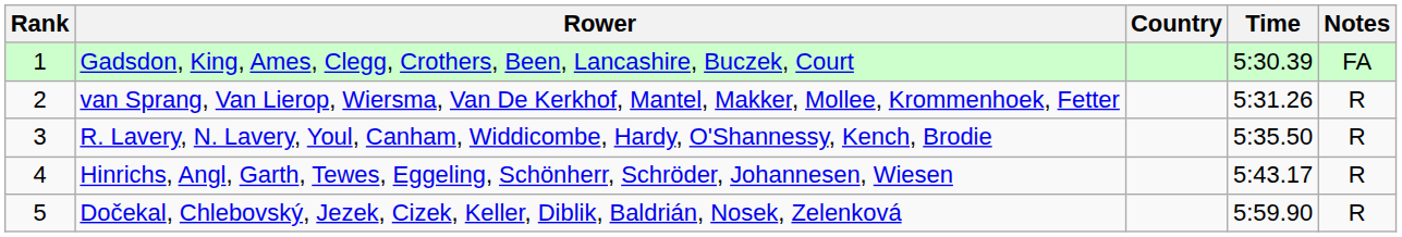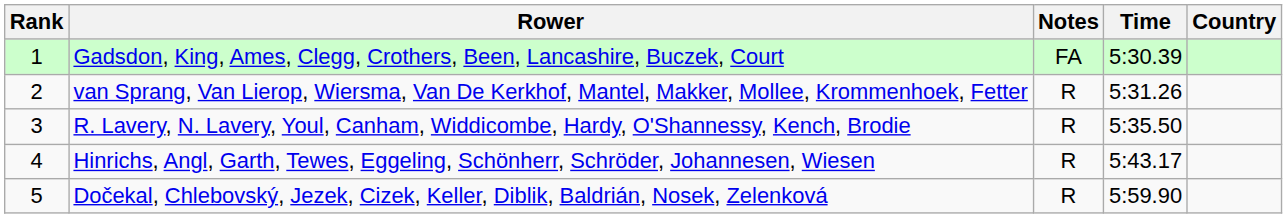 <table class="wikitable" style="text-align:center">
 <tr>
 <th>Rank</th>
 <th>Rower</th>
+<th>Notes</th>
+<th>Time</th>
 <th>Country</th>
-<th>Time</th>
-<th>Notes</th>
 </tr>
 <tr bgcolor=ccffcc>
 <td>1</td>
 <td align="left"><a href='#'>Gadsdon</a>, <a href='#'>King</a>, <a href='#'>Ames</a>, <a href='#'>Clegg</a>, <a href='#'>Crothers</a>, <a href='#'>Been</a>, <a href='#'>Lancashire</a>, <a href='#'>Buczek</a>, <a href='#'>Court</a></td>
+<td>FA</td>
+<td>5:30.39</td>
 <td align="left"></td>
-<td>5:30.39</td>
-<td>FA</td>
 </tr>
 <tr>
 <td>2</td>
 <td align="left"><a href='#'>van Sprang</a>, <a href='#'>Van Lierop</a>, <a href='#'>Wiersma</a>, <a href='#'>Van De Kerkhof</a>, <a href='#'>Mantel</a>, <a href='#'>Makker</a>, <a href='#'>Mollee</a>, <a href='#'>Krommenhoek</a>, <a href='#'>Fetter</a></td>
+<td>R</td>
+<td>5:31.26</td>
 <td align="left"></td>
-<td>5:31.26</td>
-<td>R</td>
 </tr>
 <tr>
 <td>3</td>
 <td align="left"><a href='#'>R. Lavery</a>, <a href='#'>N. Lavery</a>, <a href='#'>Youl</a>, <a href='#'>Canham</a>, <a href='#'>Widdicombe</a>, <a href='#'>Hardy</a>, <a href='#'>O'Shannessy</a>, <a href='#'>Kench</a>, <a href='#'>Brodie</a></td>
+<td>R</td>
+<td>5:35.50</td>
 <td align="left"></td>
-<td>5:35.50</td>
-<td>R</td>
 </tr>
 <tr>
 <td>4</td>
 <td align="left"><a href='#'>Hinrichs</a>, <a href='#'>Angl</a>, <a href='#'>Garth</a>, <a href='#'>Tewes</a>, <a href='#'>Eggeling</a>, <a href='#'>Schönherr</a>, <a href='#'>Schröder</a>, <a href='#'>Johannesen</a>, <a href='#'>Wiesen</a></td>
+<td>R</td>
+<td>5:43.17</td>
 <td align="left"></td>
-<td>5:43.17</td>
-<td>R</td>
 </tr>
 <tr>
 <td>5</td>
 <td align="left"><a href='#'>Dočekal</a>, <a href='#'>Chlebovský</a>, <a href='#'>Jezek</a>, <a href='#'>Cizek</a>, <a href='#'>Keller</a>, <a href='#'>Diblik</a>, <a href='#'>Baldrián</a>, <a href='#'>Nosek</a>, <a href='#'>Zelenková</a></td>
+<td>R</td>
+<td>5:59.90</td>
 <td align="left"></td>
-<td>5:59.90</td>
-<td>R</td>
 </tr>
 </table>
